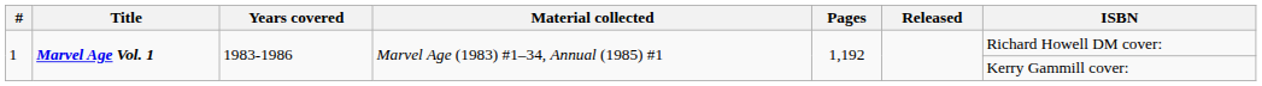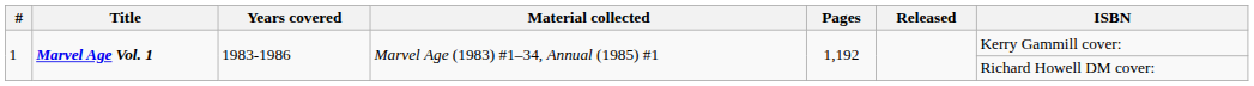 <table class="wikitable sortable" width="99%">
 <tr>
 <th class="unsortable" width="20px">#</th>
 <th>Title</th>
 <th>Years covered</th>
 <th class="unsortable">Material collected</th>
 <th>Pages</th>
 <th>Released</th>
 <th class="unsortable">ISBN</th>
 </tr>
 <tr>
 <td rowspan=2>1</td>
 <td rowspan=2><strong><em><a href='#'>Marvel Age</a> Vol. 1</em></strong></td>
 <td rowspan=2>1983-1986</td>
 <td rowspan=2><em>Marvel Age</em> (1983) #1–34, <em>Annual</em> (1985) #1</td>
 <td rowspan=2 style="text-align: center;">1,192</td>
 <td rowspan=2></td>
+<td>Kerry Gammill cover: </td>
+</tr>
+<tr>
 <td>Richard Howell DM cover: </td>
 </tr>
-<tr>
-<td>Kerry Gammill cover: </td>
-</tr>
 </table>
